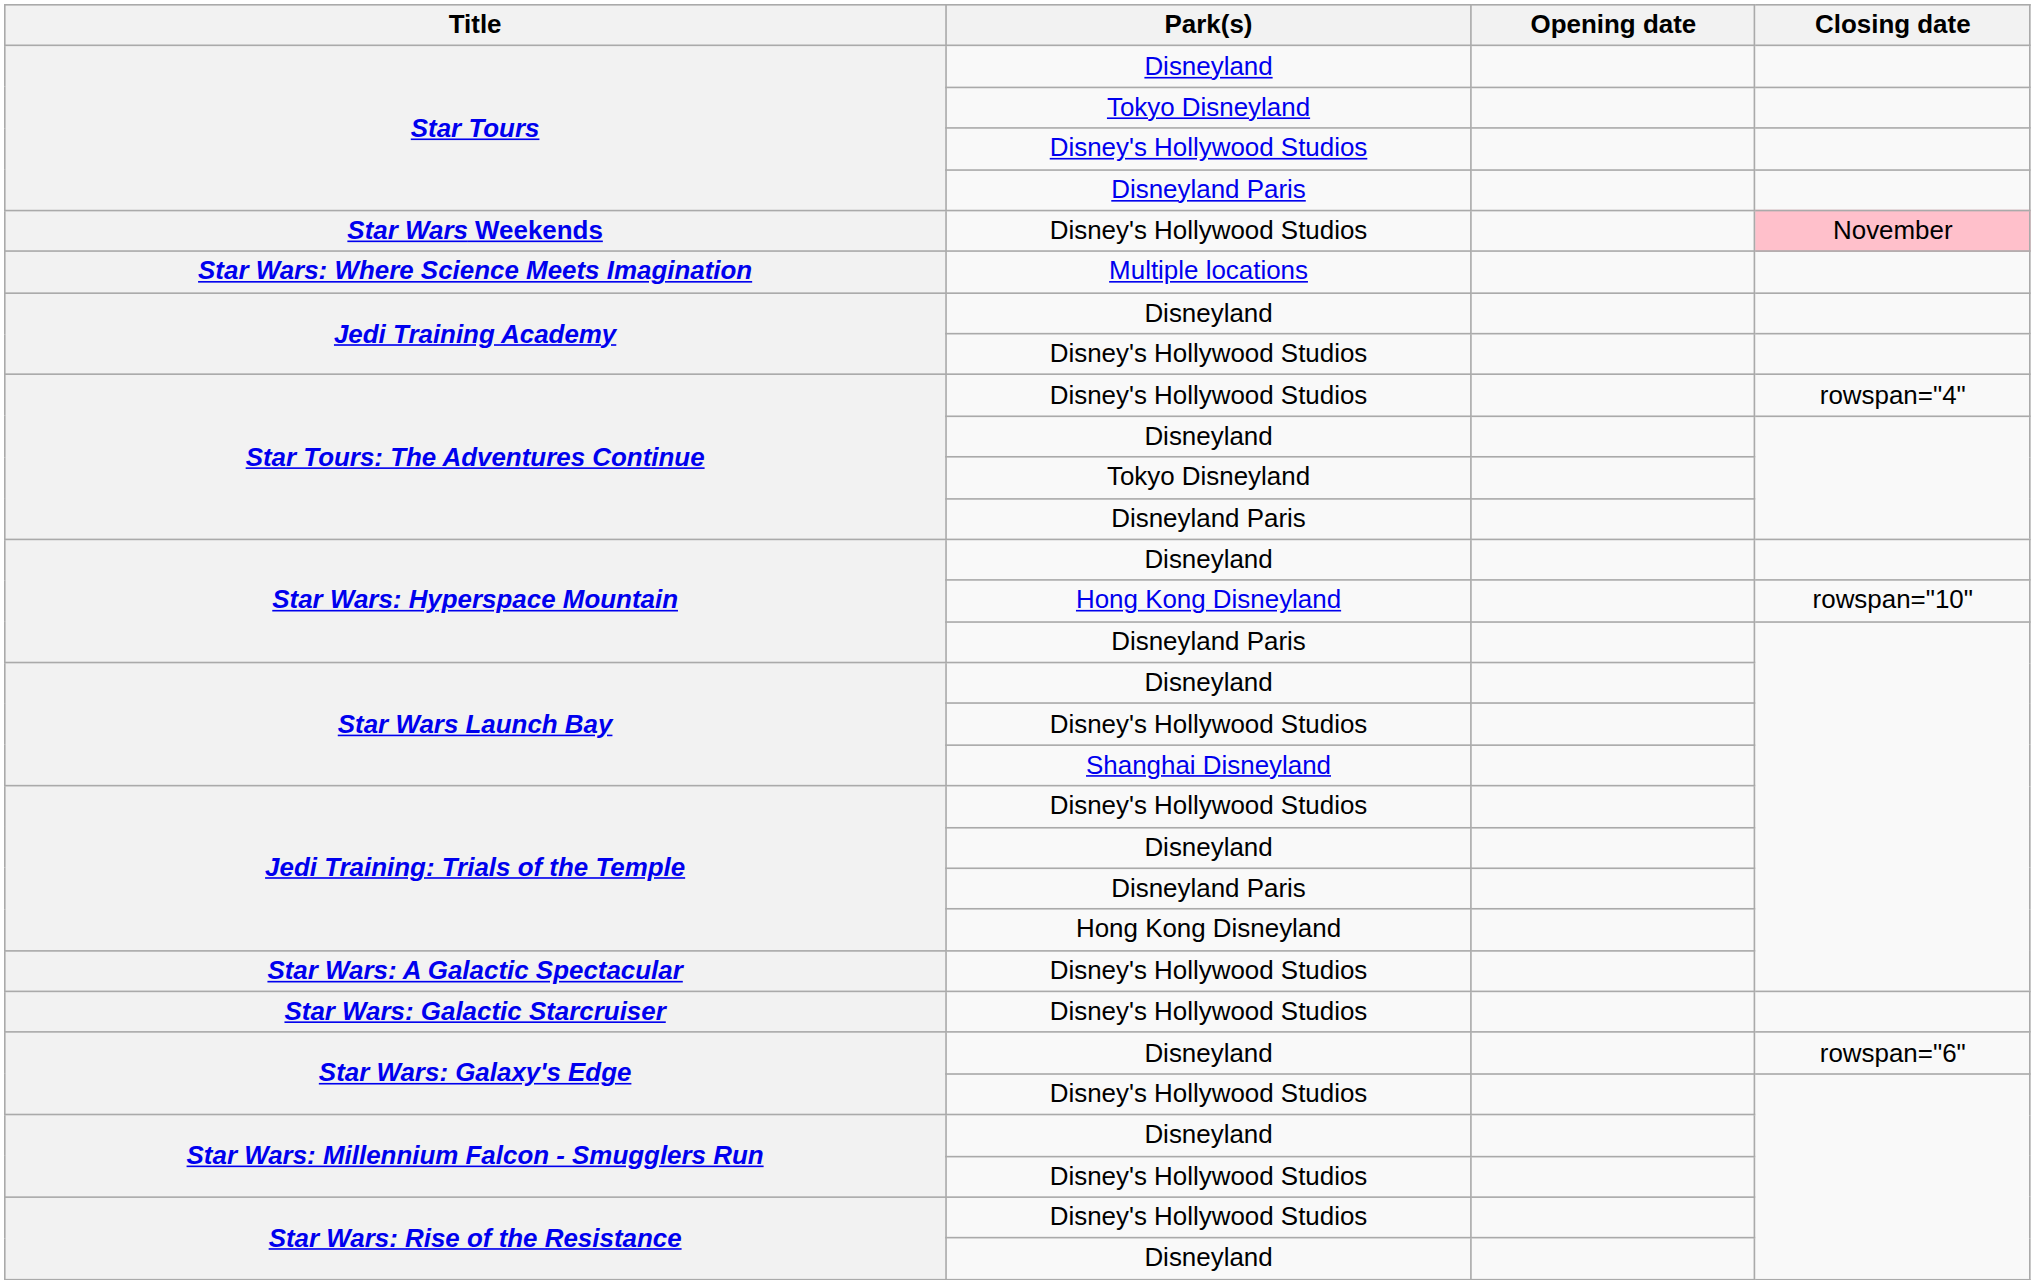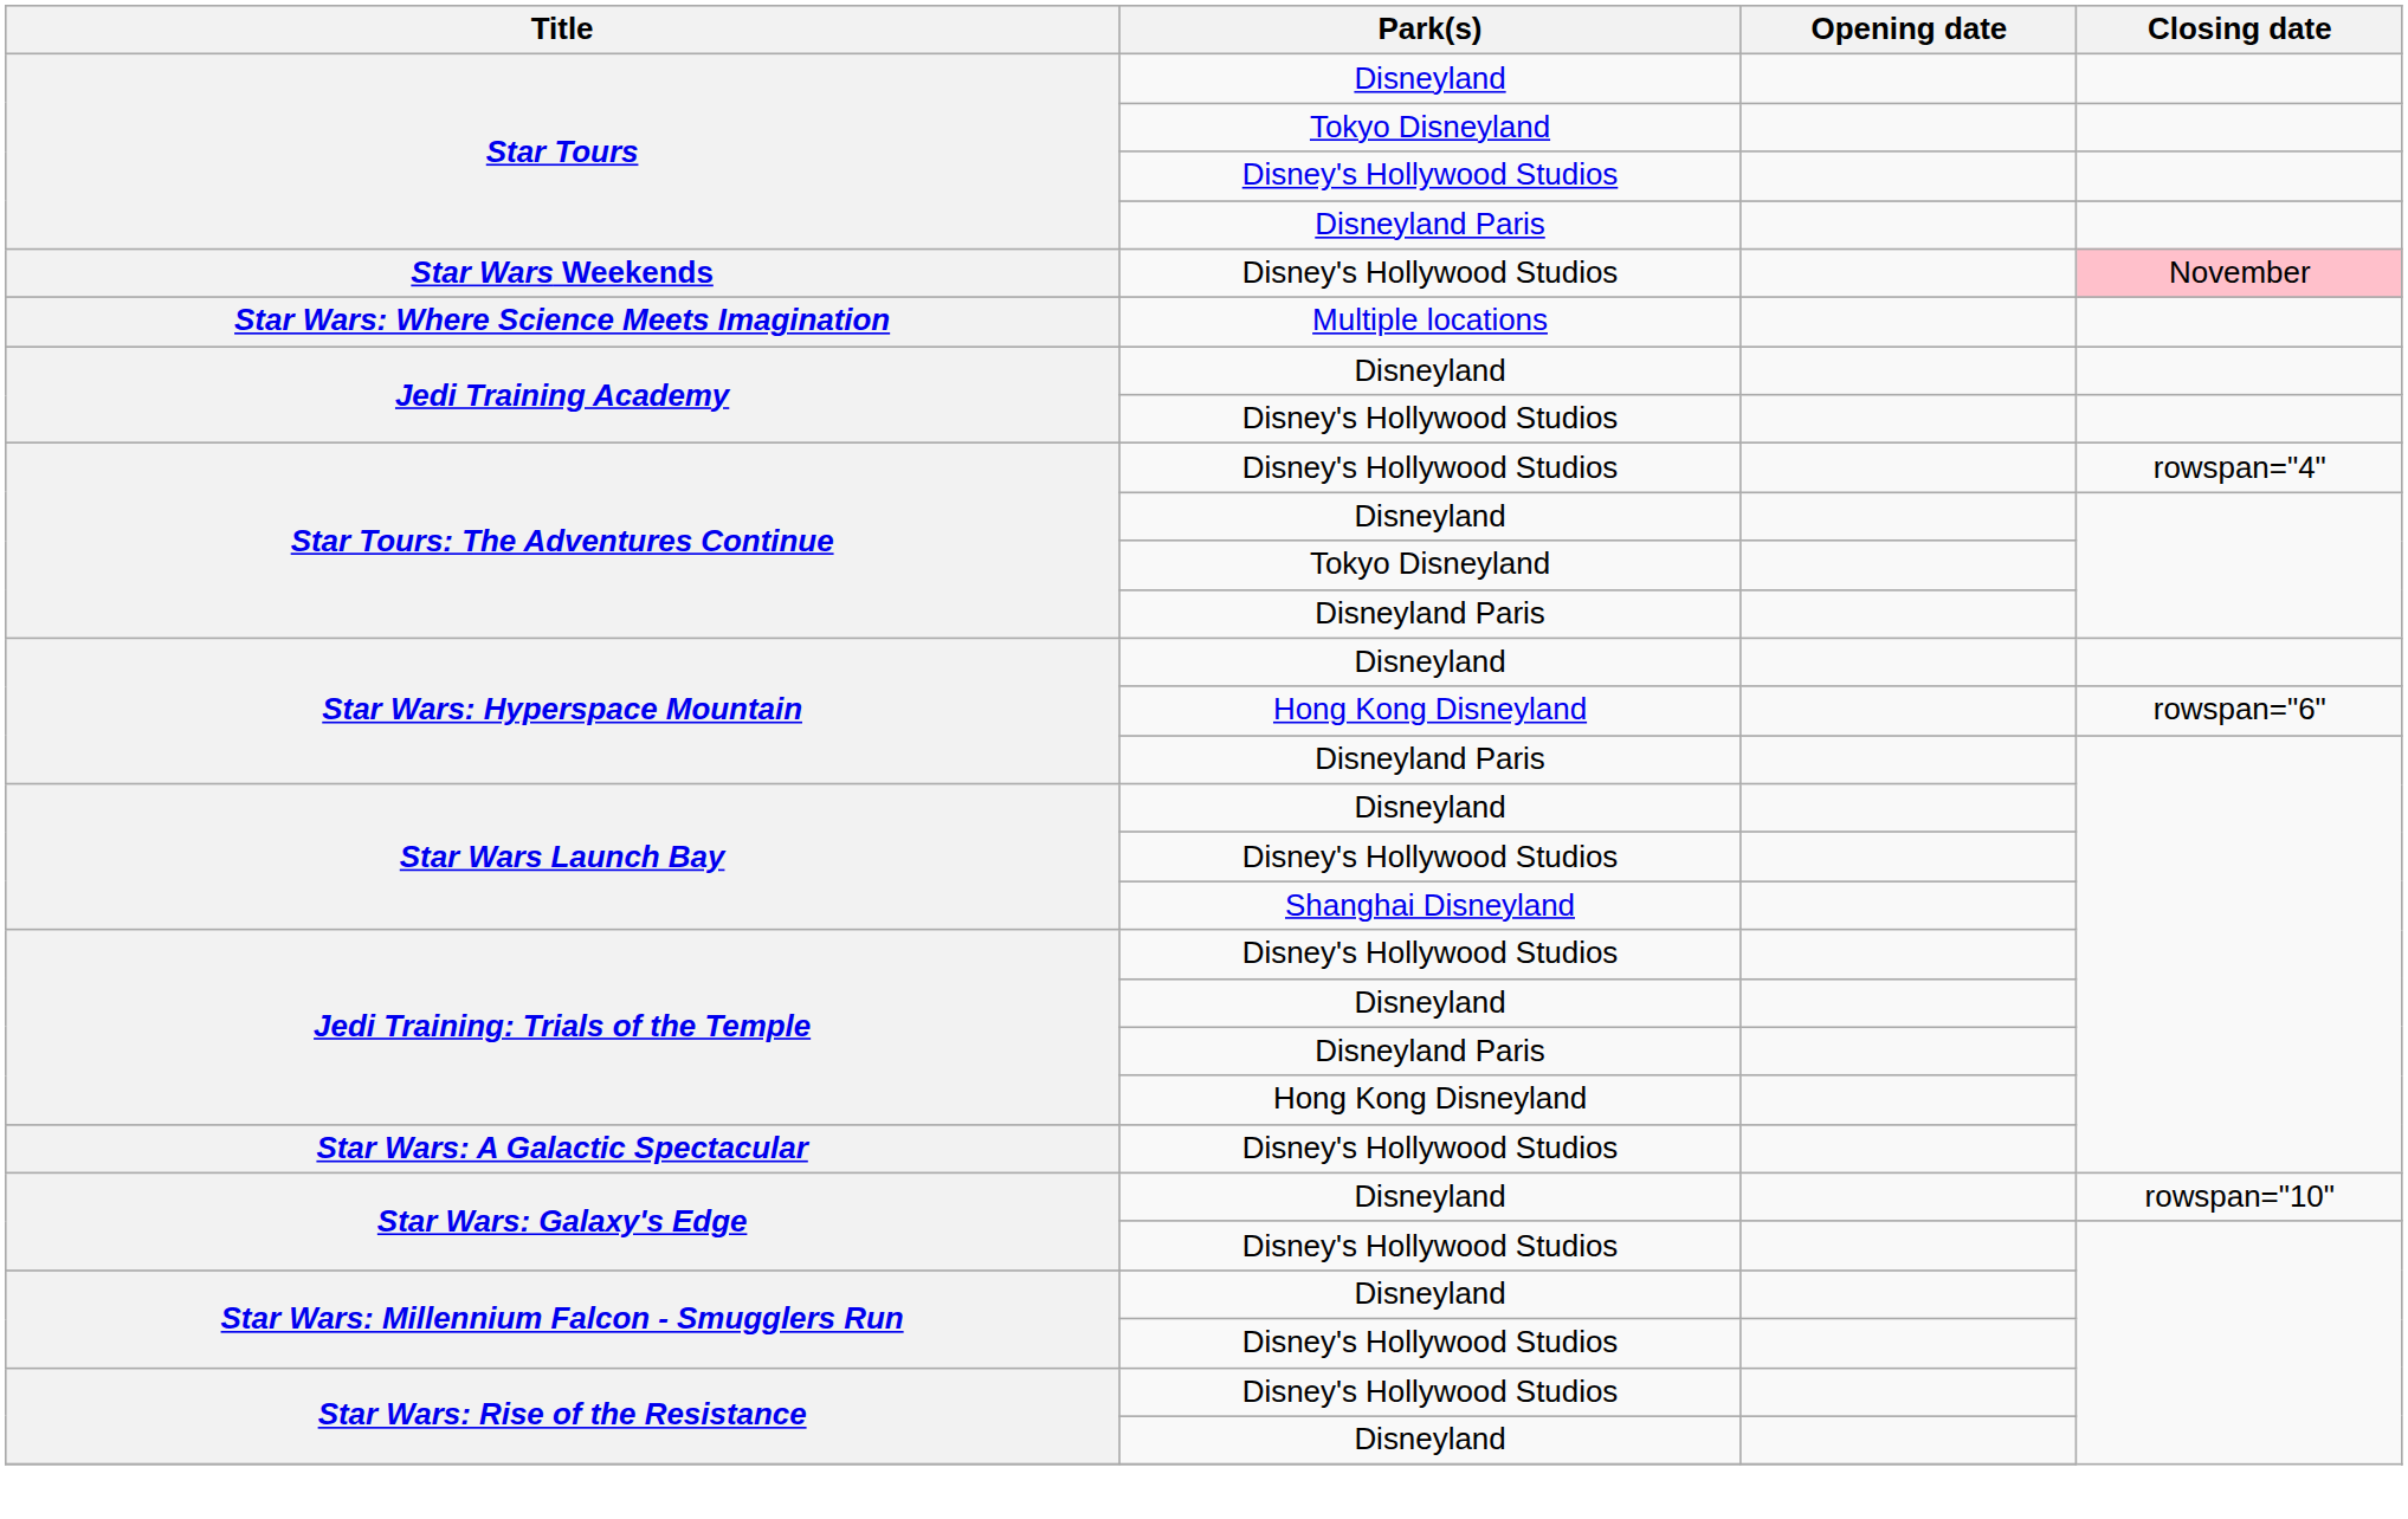 <table class="wikitable plainrowheaders" style="text-align: center" width="99%">
 <tr>
 <th scope="col">Title</th>
 <th scope="col">Park(s)</th>
 <th scope="col">Opening date</th>
 <th scope="col">Closing date</th>
 </tr>
 <tr>
 <th scope="row" rowspan="4"><em><a href='#'>Star Tours</a></em></th>
 <td><a href='#'>Disneyland</a></td>
 <td></td>
 <td></td>
 </tr>
 <tr>
 <td><a href='#'>Tokyo Disneyland</a></td>
 <td></td>
 <td></td>
 </tr>
 <tr>
 <td><a href='#'>Disney's Hollywood Studios</a></td>
 <td></td>
 <td></td>
 </tr>
 <tr>
 <td><a href='#'>Disneyland Paris</a></td>
 <td></td>
 <td></td>
 </tr>
 <tr>
 <th scope="row"><a href='#'><em>Star Wars</em> Weekends</a></th>
 <td>Disney's Hollywood Studios</td>
 <td></td>
 <td style="background: pink;">November </td>
 </tr>
 <tr>
 <th scope="row"><em><a href='#'>Star Wars: Where Science Meets Imagination</a></em></th>
 <td><a href='#'>Multiple locations</a></td>
 <td></td>
 <td></td>
 </tr>
 <tr>
 <th scope="row" rowspan="2"><em><a href='#'>Jedi Training Academy</a></em></th>
 <td>Disneyland</td>
 <td></td>
 <td></td>
 </tr>
 <tr>
 <td>Disney's Hollywood Studios</td>
 <td></td>
 <td></td>
 </tr>
 <tr>
 <th scope="row" rowspan="4"><em><a href='#'>Star Tours: The Adventures Continue</a></em></th>
 <td>Disney's Hollywood Studios</td>
 <td></td>
 <td>rowspan="4" </td>
 </tr>
 <tr>
 <td>Disneyland</td>
 <td></td>
 </tr>
 <tr>
 <td>Tokyo Disneyland</td>
 <td></td>
 </tr>
 <tr>
 <td>Disneyland Paris</td>
 <td></td>
 </tr>
 <tr>
 <th scope="row" rowspan="3"><em><a href='#'>Star Wars: Hyperspace Mountain</a></em></th>
 <td>Disneyland</td>
 <td></td>
 <td></td>
 </tr>
 <tr>
 <td><a href='#'>Hong Kong Disneyland</a></td>
 <td></td>
-<td>rowspan="10" </td>
+<td>rowspan="6" </td>
 </tr>
 <tr>
 <td>Disneyland Paris</td>
 <td></td>
 </tr>
 <tr>
 <th scope="row" rowspan="3"><em><a href='#'>Star Wars Launch Bay</a></em></th>
 <td>Disneyland</td>
 <td></td>
 </tr>
 <tr>
 <td>Disney's Hollywood Studios</td>
 <td></td>
 </tr>
 <tr>
 <td><a href='#'>Shanghai Disneyland</a></td>
 <td></td>
 </tr>
 <tr>
 <th scope="row" rowspan="4"><em><a href='#'>Jedi Training: Trials of the Temple</a></em></th>
 <td>Disney's Hollywood Studios</td>
 <td></td>
 </tr>
 <tr>
 <td>Disneyland</td>
 <td></td>
 </tr>
 <tr>
 <td>Disneyland Paris</td>
 <td></td>
 </tr>
 <tr>
 <td>Hong Kong Disneyland</td>
 <td></td>
 </tr>
 <tr>
 <th scope="row"><em><a href='#'>Star Wars: A Galactic Spectacular</a></em></th>
 <td>Disney's Hollywood Studios</td>
 <td></td>
 </tr>
 <tr>
-<th scope="row"><em><a href='#'>Star Wars: Galactic Starcruiser</a></em></th>
-<td>Disney's Hollywood Studios</td>
-<td></td>
-<td></td>
-</tr>
-<tr>
 <th rowspan="2" scope="row"><em><a href='#'>Star Wars: Galaxy's Edge</a></em></th>
 <td>Disneyland</td>
 <td></td>
-<td>rowspan="6" </td>
+<td>rowspan="10" </td>
 </tr>
 <tr>
 <td>Disney's Hollywood Studios</td>
 <td></td>
 </tr>
 <tr>
 <th rowspan="2" scope="row"><em><a href='#'>Star Wars: Millennium Falcon - Smugglers Run</a></em></th>
 <td>Disneyland</td>
 <td></td>
 </tr>
 <tr>
 <td>Disney's Hollywood Studios</td>
 <td></td>
 </tr>
 <tr>
 <th rowspan="2" scope="row"><em><a href='#'>Star Wars: Rise of the Resistance</a></em></th>
 <td>Disney's Hollywood Studios</td>
 <td></td>
 </tr>
 <tr>
 <td>Disneyland</td>
 <td></td>
 </tr>
 <tr>
 </tr>
 </table>
